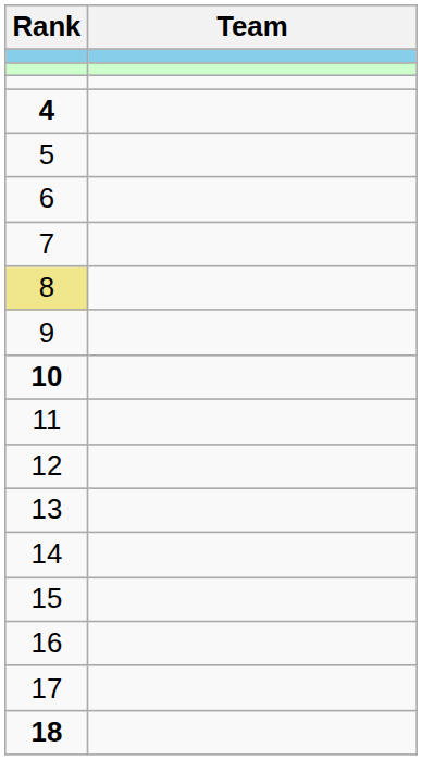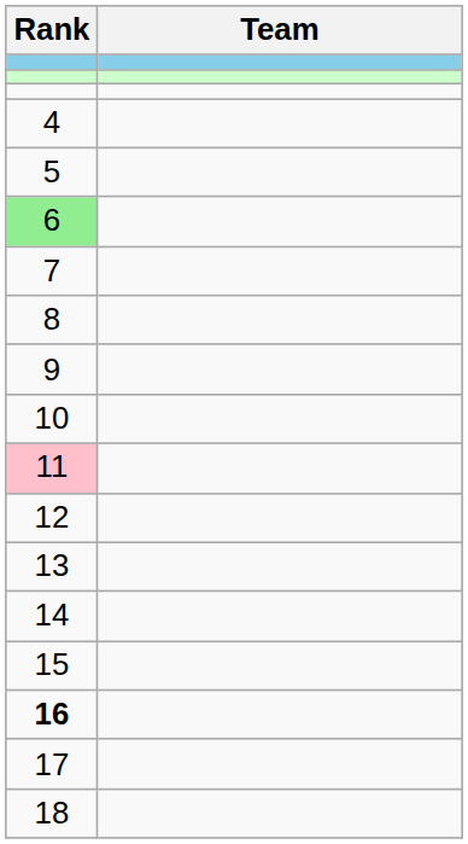 <table class="wikitable" style="text-align:center;">
 <tr>
 <th width=40>Rank</th>
 <th width=180>Team</th>
 </tr>
 <tr bgcolor=#87ceeb>
 <td></td>
 <td style="text-align:left;"></td>
 </tr>
 <tr bgcolor=#ccffcc>
 <td></td>
 <td style="text-align:left;"></td>
 </tr>
 <tr>
 <td></td>
 <td style="text-align:left;"></td>
 </tr>
 <tr>
-<td><strong>4</strong></td>
+<td>4</td>
 <td style="text-align:left;"></td>
 </tr>
 <tr>
 <td>5</td>
 <td style="text-align:left;"></td>
 </tr>
 <tr>
-<td>6</td>
+<td style="background: lightgreen;">6</td>
 <td style="text-align:left;"></td>
 </tr>
 <tr>
 <td>7</td>
 <td style="text-align:left;"></td>
 </tr>
 <tr>
-<td style="background: khaki;">8</td>
+<td>8</td>
 <td style="text-align:left;"></td>
 </tr>
 <tr>
 <td>9</td>
 <td style="text-align:left;"></td>
 </tr>
 <tr>
-<td><strong>10</strong></td>
+<td>10</td>
 <td style="text-align:left;"></td>
 </tr>
 <tr>
-<td>11</td>
+<td style="background: pink;">11</td>
 <td style="text-align:left;"></td>
 </tr>
 <tr>
 <td>12</td>
 <td style="text-align:left;"></td>
 </tr>
 <tr>
 <td>13</td>
 <td style="text-align:left;"></td>
 </tr>
 <tr>
 <td>14</td>
 <td style="text-align:left;"></td>
 </tr>
 <tr>
 <td>15</td>
 <td style="text-align:left;"></td>
 </tr>
 <tr>
-<td>16</td>
+<td><strong>16</strong></td>
 <td style="text-align:left;"></td>
 </tr>
 <tr>
 <td>17</td>
 <td style="text-align:left;"></td>
 </tr>
 <tr>
-<td><strong>18</strong></td>
+<td>18</td>
 <td style="text-align:left;"></td>
 </tr>
 </table>
